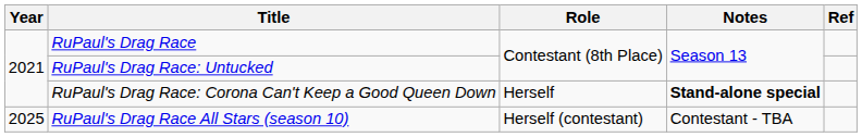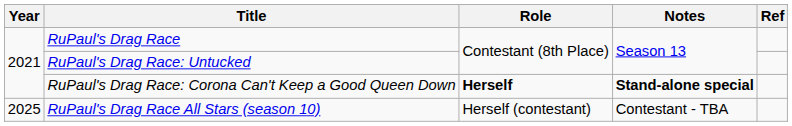 <table class="wikitable">
 <tr>
 <th>Year</th>
 <th>Title</th>
 <th>Role</th>
 <th>Notes</th>
 <th>Ref</th>
 </tr>
 <tr>
 <td rowspan=3>2021</td>
 <td><em><a href='#'>RuPaul's Drag Race</a></em></td>
 <td rowspan=2>Contestant (8th Place)</td>
 <td rowspan=2><a href='#'>Season 13</a></td>
 <td></td>
 </tr>
 <tr>
 <td><em><a href='#'>RuPaul's Drag Race: Untucked</a></em></td>
 <td></td>
 </tr>
 <tr>
 <td><em>RuPaul's Drag Race: Corona Can't Keep a Good Queen Down</em></td>
-<td>Herself</td>
+<td><strong>Herself</strong></td>
 <td><strong>Stand-alone special</strong></td>
 <td></td>
 </tr>
 <tr>
 <td>2025</td>
 <td><em><a href='#'>RuPaul's Drag Race All Stars (season 10)</a></em></td>
 <td>Herself (contestant)</td>
 <td>Contestant - TBA</td>
 <td></td>
 </tr>
 </table>
